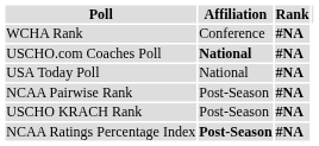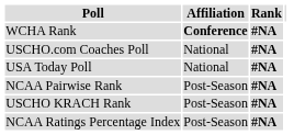 <table>
 <tr align="center" bgcolor="#dddddd">
 <th>Poll</th>
 <th>Affiliation</th>
 <th>Rank</th>
 <th></th>
 </tr>
 <tr align="left" bgcolor="#dddddd">
 <td>WCHA Rank</td>
-<td>Conference</td>
+<td><strong>Conference</strong></td>
 <td><strong>#NA</strong></td>
 </tr>
 <tr align="left" bgcolor="#dddddd">
 <td>USCHO.com Coaches Poll</td>
-<td><strong>National</strong></td>
+<td>National</td>
 <td><strong>#NA</strong></td>
 </tr>
 <tr align="left" bgcolor="#dddddd">
 <td>USA Today Poll</td>
 <td>National</td>
 <td><strong>#NA</strong></td>
 </tr>
 <tr align="left" bgcolor="#dddddd">
 <td>NCAA Pairwise Rank</td>
 <td>Post-Season</td>
 <td><strong>#NA</strong></td>
 </tr>
 <tr align="left" bgcolor="#dddddd">
 <td>USCHO KRACH Rank</td>
 <td>Post-Season</td>
 <td><strong>#NA</strong></td>
 </tr>
 <tr align="left" bgcolor="#dddddd">
 <td>NCAA Ratings Percentage Index</td>
-<td><strong>Post-Season</strong></td>
+<td>Post-Season</td>
 <td><strong>#NA</strong></td>
 </tr>
 <tr>
 </tr>
 </table>
